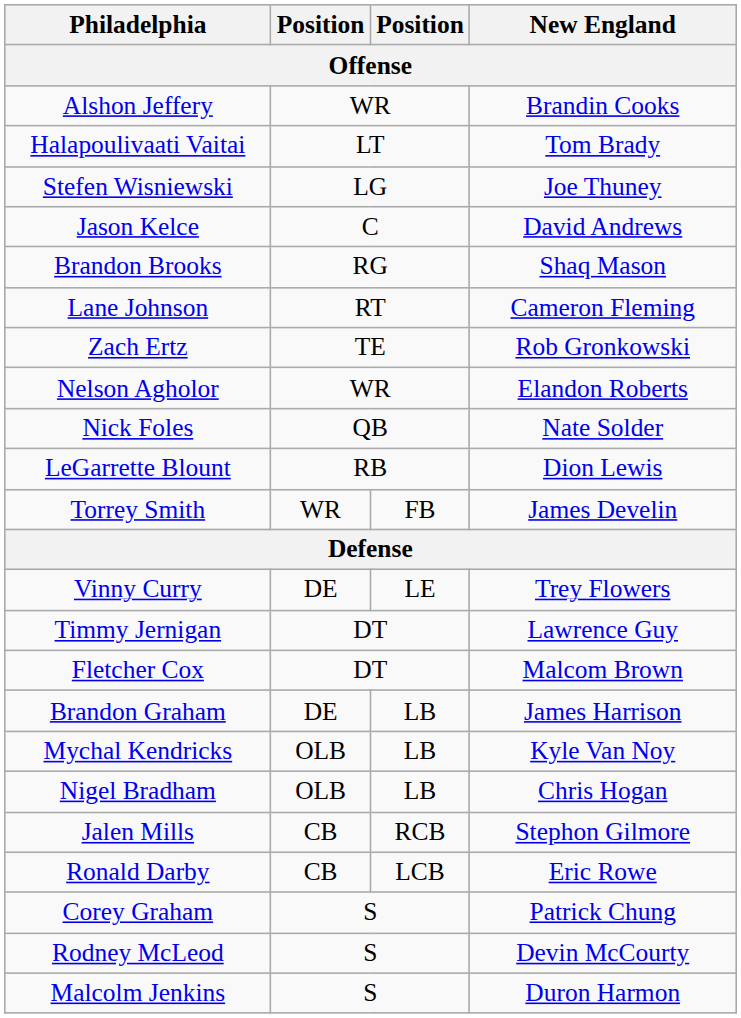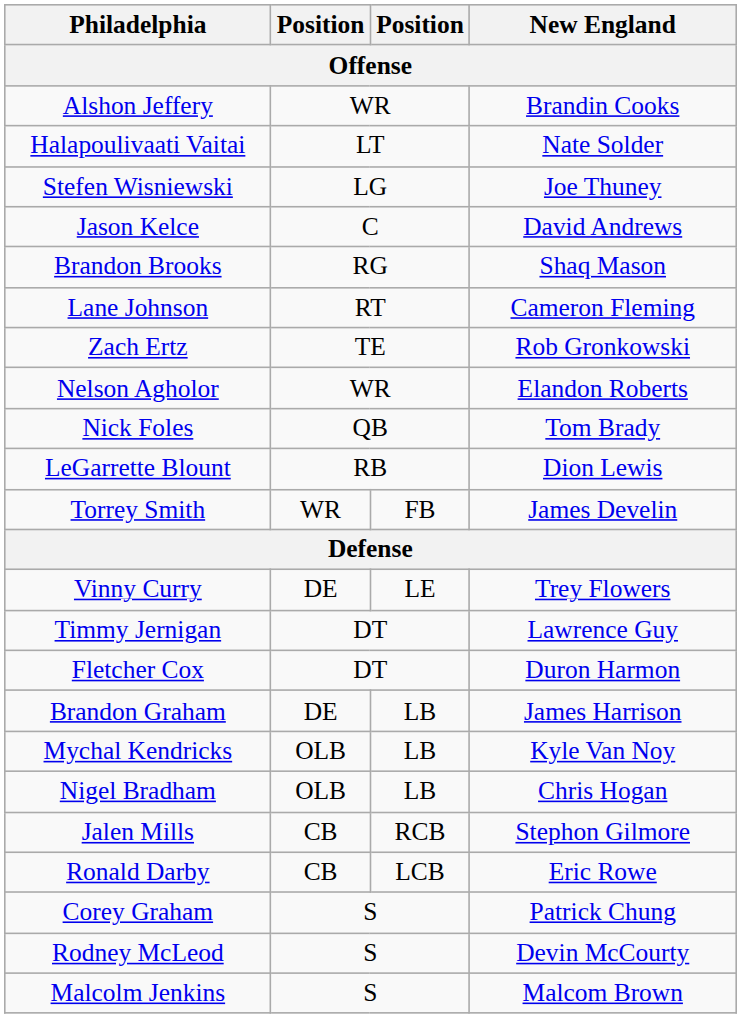 <table class="wikitable" style="text-align:center">
 <tr>
 <th style="width:160px;">Philadelphia</th>
 <th>Position</th>
 <th>Position</th>
 <th style="width:160px;">New England</th>
 </tr>
 <tr>
 <th colspan="4">Offense</th>
 </tr>
 <tr>
 <td><a href='#'>Alshon Jeffery</a></td>
 <td colspan="2">WR</td>
 <td><a href='#'>Brandin Cooks</a></td>
 </tr>
 <tr>
 <td><a href='#'>Halapoulivaati Vaitai</a></td>
 <td colspan="2">LT</td>
-<td><a href='#'>Tom Brady</a></td>
+<td><a href='#'>Nate Solder</a></td>
 </tr>
 <tr>
 <td><a href='#'>Stefen Wisniewski</a></td>
 <td colspan="2">LG</td>
 <td><a href='#'>Joe Thuney</a></td>
 </tr>
 <tr>
 <td><a href='#'>Jason Kelce</a></td>
 <td colspan="2">C</td>
 <td><a href='#'>David Andrews</a></td>
 </tr>
 <tr>
 <td><a href='#'>Brandon Brooks</a></td>
 <td colspan="2">RG</td>
 <td><a href='#'>Shaq Mason</a></td>
 </tr>
 <tr>
 <td><a href='#'>Lane Johnson</a></td>
 <td colspan="2">RT</td>
 <td><a href='#'>Cameron Fleming</a></td>
 </tr>
 <tr>
 <td><a href='#'>Zach Ertz</a></td>
 <td colspan="2">TE</td>
 <td><a href='#'>Rob Gronkowski</a></td>
 </tr>
 <tr>
 <td><a href='#'>Nelson Agholor</a></td>
 <td colspan="2">WR</td>
 <td><a href='#'>Elandon Roberts</a></td>
 </tr>
 <tr>
 <td><a href='#'>Nick Foles</a></td>
 <td colspan="2">QB</td>
-<td><a href='#'>Nate Solder</a></td>
+<td><a href='#'>Tom Brady</a></td>
 </tr>
 <tr>
 <td><a href='#'>LeGarrette Blount</a></td>
 <td colspan="2">RB</td>
 <td><a href='#'>Dion Lewis</a></td>
 </tr>
 <tr>
 <td><a href='#'>Torrey Smith</a></td>
 <td>WR</td>
 <td>FB</td>
 <td><a href='#'>James Develin</a></td>
 </tr>
 <tr>
 <th colspan="4">Defense</th>
 </tr>
 <tr>
 <td><a href='#'>Vinny Curry</a></td>
 <td>DE</td>
 <td>LE</td>
 <td><a href='#'>Trey Flowers</a></td>
 </tr>
 <tr>
 <td><a href='#'>Timmy Jernigan</a></td>
 <td colspan="2">DT</td>
 <td><a href='#'>Lawrence Guy</a></td>
 </tr>
 <tr>
 <td><a href='#'>Fletcher Cox</a></td>
 <td colspan="2">DT</td>
-<td><a href='#'>Malcom Brown</a></td>
+<td><a href='#'>Duron Harmon</a></td>
 </tr>
 <tr>
 <td><a href='#'>Brandon Graham</a></td>
 <td>DE</td>
 <td>LB</td>
 <td><a href='#'>James Harrison</a></td>
 </tr>
 <tr>
 <td><a href='#'>Mychal Kendricks</a></td>
 <td>OLB</td>
 <td>LB</td>
 <td><a href='#'>Kyle Van Noy</a></td>
 </tr>
 <tr>
 <td><a href='#'>Nigel Bradham</a></td>
 <td>OLB</td>
 <td>LB</td>
 <td><a href='#'>Chris Hogan</a></td>
 </tr>
 <tr>
 <td><a href='#'>Jalen Mills</a></td>
 <td>CB</td>
 <td>RCB</td>
 <td><a href='#'>Stephon Gilmore</a></td>
 </tr>
 <tr>
 <td><a href='#'>Ronald Darby</a></td>
 <td>CB</td>
 <td>LCB</td>
 <td><a href='#'>Eric Rowe</a></td>
 </tr>
 <tr>
 <td><a href='#'>Corey Graham</a></td>
 <td colspan="2">S</td>
 <td><a href='#'>Patrick Chung</a></td>
 </tr>
 <tr>
 <td><a href='#'>Rodney McLeod</a></td>
 <td colspan="2">S</td>
 <td><a href='#'>Devin McCourty</a></td>
 </tr>
 <tr>
 <td><a href='#'>Malcolm Jenkins</a></td>
 <td colspan="2">S</td>
-<td><a href='#'>Duron Harmon</a></td>
+<td><a href='#'>Malcom Brown</a></td>
 </tr>
 </table>
